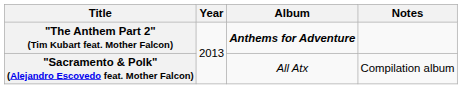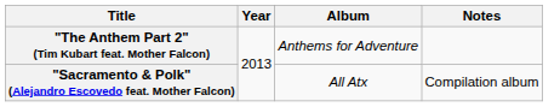 <table class="wikitable plainrowheaders" style="text-align:center;">
 <tr>
 <th>Title</th>
 <th>Year</th>
 <th>Album</th>
 <th>Notes</th>
 </tr>
 <tr>
 <th scope="row">"The Anthem Part 2"<br><small>(Tim Kubart feat. Mother Falcon)</small></th>
 <td rowspan="2">2013</td>
-<td><strong><em>Anthems for Adventure</em></strong></td>
+<td><em>Anthems for Adventure</em></td>
 <td></td>
 </tr>
 <tr>
 <th scope="row">"Sacramento & Polk" <small><br>(<a href='#'>Alejandro Escovedo</a> feat. Mother Falcon)</small></th>
 <td><em>All Atx</em></td>
 <td>Compilation album</td>
 </tr>
 </table>
